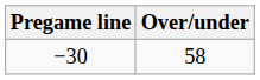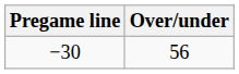 <table class="wikitable" style="margin-left: auto; margin-right: auto; border: none; display: inline-table;">
 <tr align="center">
 <th style=>Pregame line</th>
 <th style=>Over/under</th>
 </tr>
 <tr align="center">
 <td>−30</td>
-<td>58</td>
+<td>56</td>
 </tr>
 </table>
